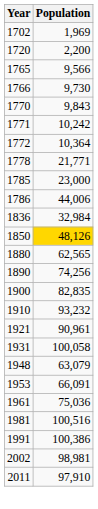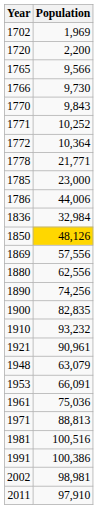 <table class="wikitable" style="float:right; margin:0 0 0 1em; text-size:80%; text-align:right">
 <tr>
 <th>Year</th>
 <th>Population</th>
 </tr>
 <tr>
 <td>1702</td>
 <td align="right">1,969</td>
 </tr>
 <tr>
 <td>1720</td>
 <td align="right">2,200</td>
 </tr>
 <tr>
 <td>1765</td>
 <td align="right">9,566</td>
 </tr>
 <tr>
 <td>1766</td>
 <td align="right">9,730</td>
 </tr>
 <tr>
 <td>1770</td>
 <td align="right">9,843</td>
 </tr>
 <tr>
 <td>1771</td>
-<td align="right">10,242</td>
+<td align="right">10,252</td>
 </tr>
 <tr>
 <td>1772</td>
 <td align="right">10,364</td>
 </tr>
 <tr>
 <td>1778</td>
 <td align="right">21,771</td>
 </tr>
 <tr>
 <td>1785</td>
 <td align="right">23,000</td>
 </tr>
 <tr>
 <td>1786</td>
 <td align="right">44,006</td>
 </tr>
 <tr>
 <td>1836</td>
 <td align="right">32,984</td>
 </tr>
 <tr>
 <td>1850</td>
 <td align="right" style="background: gold;">48,126</td>
 </tr>
 <tr>
+<td>1869</td>
+<td align="right">57,556</td>
+</tr>
+<tr>
 <td>1880</td>
-<td align="right">62,565</td>
+<td align="right">62,556</td>
 </tr>
 <tr>
 <td>1890</td>
 <td align="right">74,256</td>
 </tr>
 <tr>
 <td>1900</td>
 <td align="right">82,835</td>
 </tr>
 <tr>
 <td>1910</td>
 <td align="right">93,232</td>
 </tr>
 <tr>
 <td>1921</td>
 <td align="right">90,961</td>
 </tr>
 <tr>
-<td>1931</td>
-<td align="right">100,058</td>
-</tr>
-<tr>
 <td>1948</td>
 <td align="right">63,079</td>
 </tr>
 <tr>
 <td>1953</td>
 <td align="right">66,091</td>
 </tr>
 <tr>
 <td>1961</td>
 <td align="right">75,036</td>
+</tr>
+<tr>
+<td>1971</td>
+<td align="right">88,813</td>
 </tr>
 <tr>
 <td>1981</td>
 <td align="right">100,516</td>
 </tr>
 <tr>
 <td>1991</td>
 <td align="right">100,386</td>
 </tr>
 <tr>
 <td>2002</td>
 <td align="right">98,981</td>
 </tr>
 <tr>
 <td>2011</td>
 <td align="right">97,910</td>
 </tr>
 </table>
